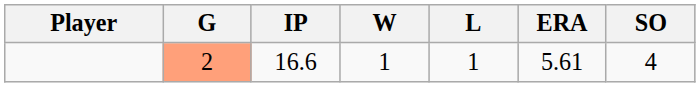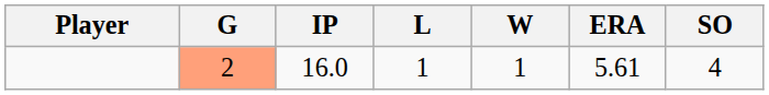 <table class="wikitable sortable">
 <tr>
 <th bgcolor="#DDDDFF" width="16%">Player</th>
 <th bgcolor="#DDDDFF" width="9%">G</th>
 <th bgcolor="#DDDDFF" width="9%">IP</th>
+<th bgcolor="#DDDDFF" width="9%">L</th>
 <th bgcolor="#DDDDFF" width="9%">W</th>
-<th bgcolor="#DDDDFF" width="9%">L</th>
 <th bgcolor="#DDDDFF" width="9%">ERA</th>
 <th bgcolor="#DDDDFF" width="9%">SO</th>
 </tr>
 <tr align="center">
 <td></td>
 <td style="background: lightsalmon;">2</td>
-<td>16.6</td>
+<td>16.0</td>
 <td>1</td>
 <td>1</td>
 <td>5.61</td>
 <td>4</td>
 </tr>
 </table>
